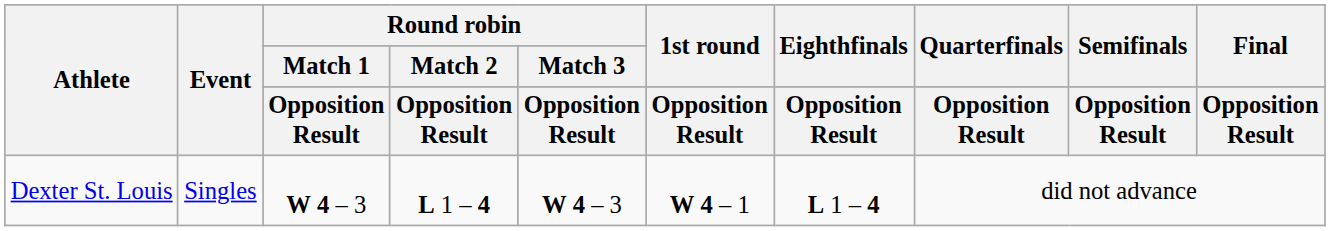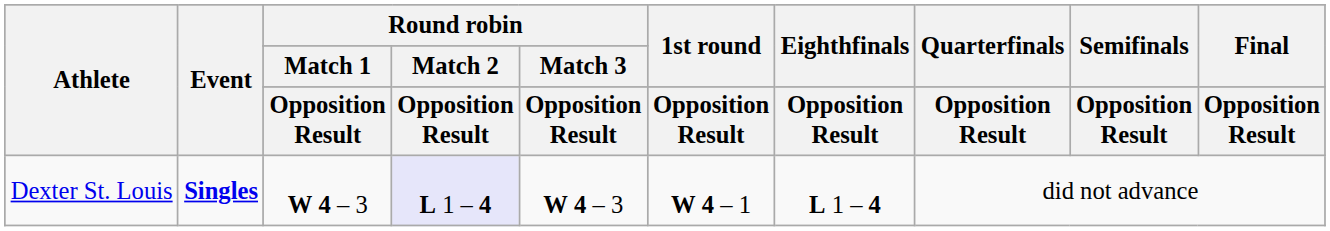 <table class="wikitable" border="1" style="font-size:90%">
 <tr>
 <th rowspan=3>Athlete</th>
 <th rowspan=3>Event</th>
 <th colspan=3>Round robin</th>
 <th rowspan=2>1st round</th>
 <th rowspan=2>Eighthfinals</th>
 <th rowspan=2>Quarterfinals</th>
 <th rowspan=2>Semifinals</th>
 <th rowspan=2>Final</th>
 </tr>
 <tr>
 <th>Match 1</th>
 <th>Match 2</th>
 <th>Match 3</th>
 </tr>
 <tr>
 <th>Opposition<br>Result</th>
 <th>Opposition<br>Result</th>
 <th>Opposition<br>Result</th>
 <th>Opposition<br>Result</th>
 <th>Opposition<br>Result</th>
 <th>Opposition<br>Result</th>
 <th>Opposition<br>Result</th>
 <th>Opposition<br>Result</th>
 </tr>
 <tr>
 <td><a href='#'>Dexter St. Louis</a></td>
-<td><a href='#'>Singles</a></td>
+<td><strong><a href='#'>Singles</a></strong></td>
 <td align=center><br><strong>W</strong> <strong>4</strong> – 3</td>
-<td align=center><br><strong>L</strong> 1 – <strong>4</strong></td>
+<td align=center style="background: lavender;"><br><strong>L</strong> 1 – <strong>4</strong></td>
 <td align=center><br><strong>W</strong> <strong>4</strong> – 3</td>
 <td align=center><br><strong>W</strong> <strong>4</strong> – 1</td>
 <td align=center><br><strong>L</strong> 1 – <strong>4</strong></td>
 <td align="center" colspan="7">did not advance</td>
 </tr>
 </table>
